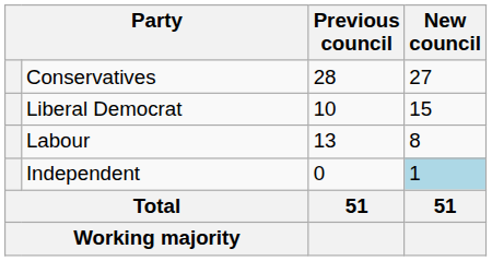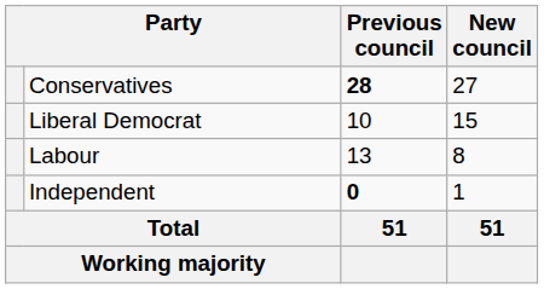 <table class="wikitable">
 <tr>
 <th valign=top colspan="2" style="width: 230px">Party</th>
 <th valign=top style="width: 30px">Previous council</th>
 <th valign=top style="width: 30px">New council</th>
 </tr>
 <tr>
 <th style="background-color: "></th>
 <td>Conservatives</td>
-<td>28</td>
+<td><strong>28</strong></td>
 <td>27</td>
 </tr>
 <tr>
 <th style="background-color: "></th>
 <td>Liberal Democrat</td>
 <td>10</td>
 <td>15</td>
 </tr>
 <tr>
 <th style="background-color: "></th>
 <td>Labour</td>
 <td>13</td>
 <td>8</td>
 </tr>
 <tr>
 <th style="background-color: "></th>
 <td>Independent</td>
-<td>0</td>
-<td style="background: lightblue;">1</td>
+<td><strong>0</strong></td>
+<td>1</td>
 </tr>
 <tr>
 <th colspan=2>Total</th>
 <th style="text-align: center">51</th>
 <th colspan=3>51</th>
 </tr>
 <tr>
 <th colspan=2>Working majority</th>
 <th></th>
 <th></th>
 </tr>
 </table>
